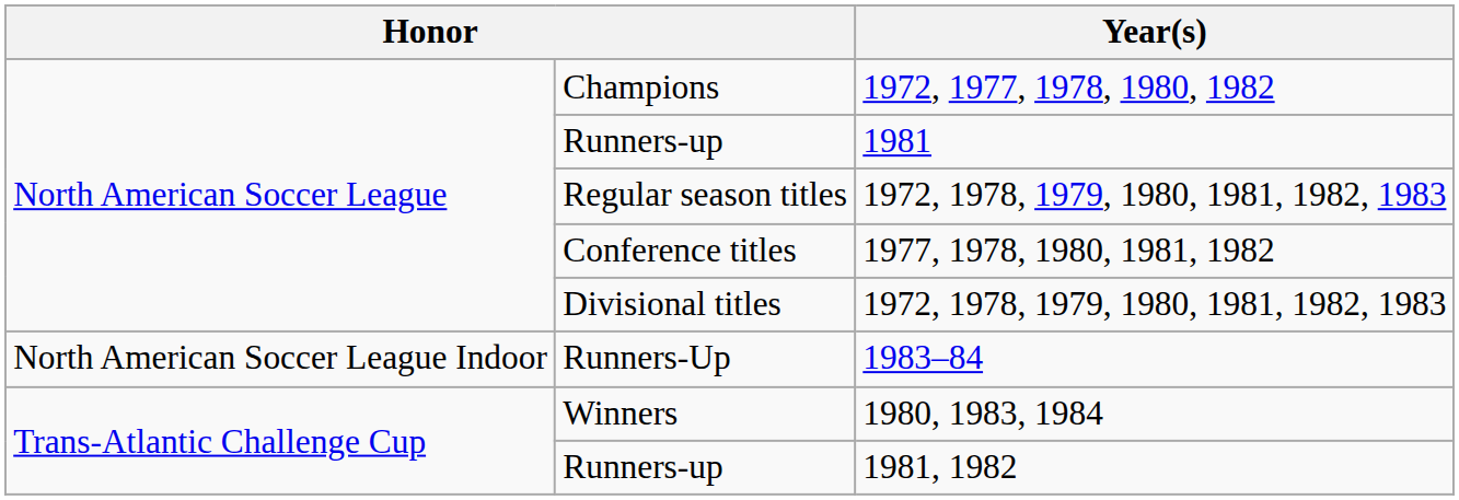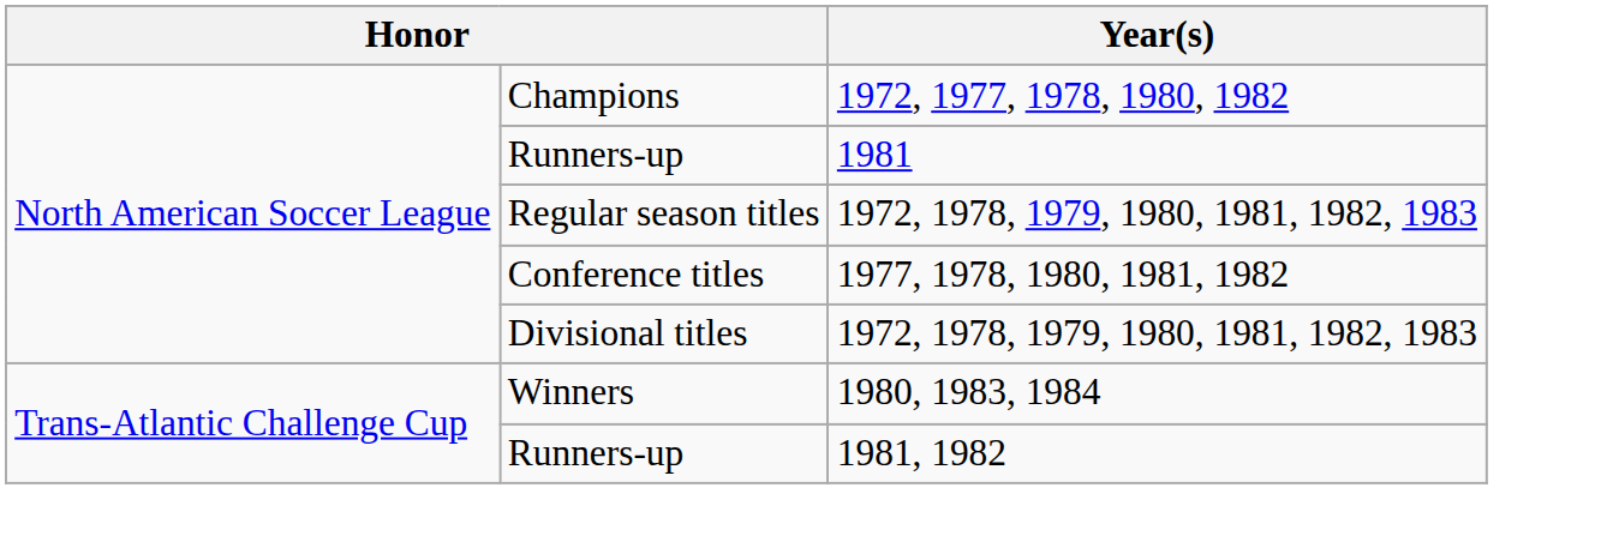 <table class="wikitable">
 <tr>
 <th colspan=2>Honor</th>
 <th>Year(s)</th>
 </tr>
 <tr>
 <td rowspan=5><a href='#'>North American Soccer League</a></td>
 <td>Champions</td>
 <td><a href='#'>1972</a>, <a href='#'>1977</a>, <a href='#'>1978</a>, <a href='#'>1980</a>, <a href='#'>1982</a></td>
 </tr>
 <tr>
 <td>Runners-up</td>
 <td><a href='#'>1981</a></td>
 </tr>
 <tr>
 <td>Regular season titles</td>
 <td>1972, 1978, <a href='#'>1979</a>, 1980, 1981, 1982, <a href='#'>1983</a></td>
 </tr>
 <tr>
 <td>Conference titles</td>
 <td>1977, 1978, 1980, 1981, 1982</td>
 </tr>
 <tr>
 <td>Divisional titles</td>
 <td>1972, 1978, 1979, 1980, 1981, 1982, 1983</td>
 </tr>
 <tr>
-<td>North American Soccer League Indoor</td>
-<td>Runners-Up</td>
-<td><a href='#'>1983–84</a></td>
-</tr>
-<tr>
 <td rowspan=2><a href='#'>Trans-Atlantic Challenge Cup</a></td>
 <td>Winners</td>
 <td>1980, 1983, 1984</td>
 </tr>
 <tr>
 <td>Runners-up</td>
 <td>1981, 1982</td>
 </tr>
 </table>
